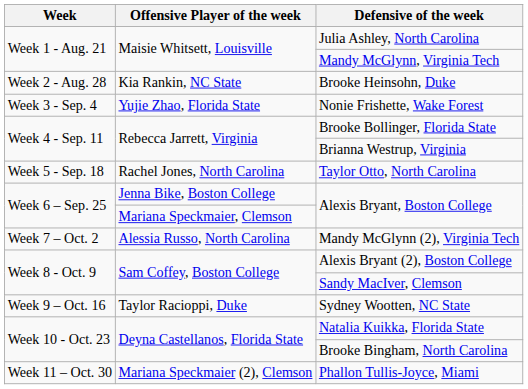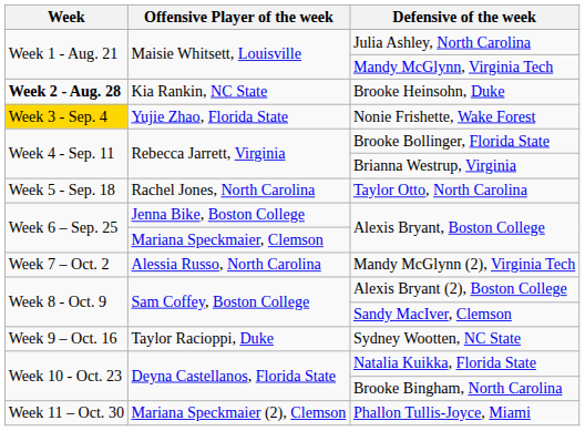 <table class="wikitable" border="1">
 <tr>
 <th>Week</th>
 <th>Offensive Player of the week</th>
 <th>Defensive of the week</th>
 </tr>
 <tr>
 <td rowspan="2">Week 1 - Aug. 21</td>
 <td rowspan="2">Maisie Whitsett, <a href='#'>Louisville</a></td>
 <td>Julia Ashley, <a href='#'>North Carolina</a></td>
 </tr>
 <tr>
 <td><a href='#'>Mandy McGlynn</a>, <a href='#'>Virginia Tech</a></td>
 </tr>
 <tr>
-<td>Week 2 - Aug. 28</td>
+<td><strong>Week 2 - Aug. 28</strong></td>
 <td>Kia Rankin, <a href='#'>NC State</a></td>
 <td>Brooke Heinsohn, <a href='#'>Duke</a></td>
 </tr>
 <tr>
-<td>Week 3 - Sep. 4</td>
+<td style="background: gold;">Week 3 - Sep. 4</td>
 <td><a href='#'>Yujie Zhao</a>, <a href='#'>Florida State</a></td>
 <td>Nonie Frishette, <a href='#'>Wake Forest</a></td>
 </tr>
 <tr>
 <td rowspan=2>Week 4 - Sep. 11</td>
 <td rowspan=2>Rebecca Jarrett, <a href='#'>Virginia</a></td>
 <td>Brooke Bollinger, <a href='#'>Florida State</a></td>
 </tr>
 <tr>
 <td>Brianna Westrup, <a href='#'>Virginia</a></td>
 </tr>
 <tr>
 <td>Week 5 - Sep. 18</td>
 <td>Rachel Jones, <a href='#'>North Carolina</a></td>
 <td><a href='#'>Taylor Otto</a>, <a href='#'>North Carolina</a></td>
 </tr>
 <tr>
 <td rowspan=2>Week 6 – Sep. 25</td>
 <td><a href='#'>Jenna Bike</a>, <a href='#'>Boston College</a></td>
 <td rowspan=2>Alexis Bryant, <a href='#'>Boston College</a></td>
 </tr>
 <tr>
 <td><a href='#'>Mariana Speckmaier</a>, <a href='#'>Clemson</a></td>
 </tr>
 <tr>
 <td>Week 7 – Oct. 2</td>
 <td><a href='#'>Alessia Russo</a>, <a href='#'>North Carolina</a></td>
 <td>Mandy McGlynn (2), <a href='#'>Virginia Tech</a></td>
 </tr>
 <tr>
 <td rowspan="2">Week 8 - Oct. 9</td>
 <td rowspan="2"><a href='#'>Sam Coffey</a>, <a href='#'>Boston College</a></td>
 <td>Alexis Bryant (2), <a href='#'>Boston College</a></td>
 </tr>
 <tr>
 <td><a href='#'>Sandy MacIver</a>, <a href='#'>Clemson</a></td>
 </tr>
 <tr>
 <td>Week 9 – Oct. 16</td>
 <td>Taylor Racioppi, <a href='#'>Duke</a></td>
 <td>Sydney Wootten, <a href='#'>NC State</a></td>
 </tr>
 <tr>
 <td rowspan="2">Week 10 - Oct. 23</td>
 <td rowspan="2"><a href='#'>Deyna Castellanos</a>, <a href='#'>Florida State</a></td>
 <td><a href='#'>Natalia Kuikka</a>, <a href='#'>Florida State</a></td>
 </tr>
 <tr>
 <td>Brooke Bingham, <a href='#'>North Carolina</a></td>
 </tr>
 <tr>
 <td>Week 11 – Oct. 30</td>
 <td><a href='#'>Mariana Speckmaier</a> (2), <a href='#'>Clemson</a></td>
 <td><a href='#'>Phallon Tullis-Joyce</a>, <a href='#'>Miami</a></td>
 </tr>
 </table>
